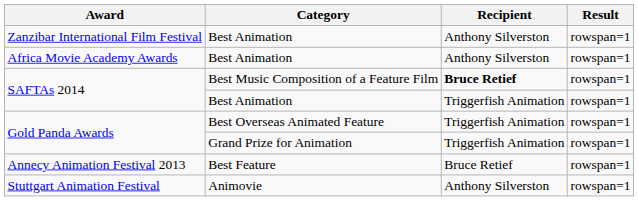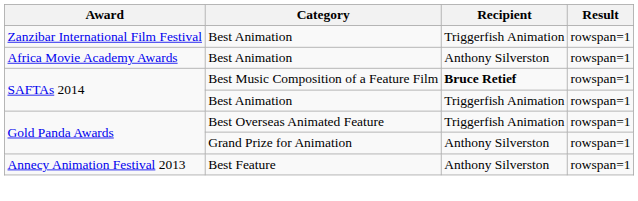 <table class="wikitable">
 <tr>
 <th>Award</th>
 <th>Category</th>
 <th>Recipient</th>
 <th>Result</th>
 </tr>
 <tr>
 <td rowspan=1><a href='#'>Zanzibar International Film Festival</a></td>
 <td>Best Animation</td>
-<td>Anthony Silverston</td>
+<td>Triggerfish Animation</td>
 <td>rowspan=1 </td>
 </tr>
 <tr>
 <td rowspan=1><a href='#'>Africa Movie Academy Awards</a></td>
 <td>Best Animation</td>
 <td>Anthony Silverston</td>
 <td>rowspan=1 </td>
 </tr>
 <tr>
 <td rowspan="2"><a href='#'>SAFTAs</a> 2014</td>
 <td>Best Music Composition of a Feature Film</td>
 <td><strong>Bruce Retief</strong></td>
 <td>rowspan=1 </td>
 </tr>
 <tr>
 <td>Best Animation</td>
 <td>Triggerfish Animation</td>
 <td>rowspan=1 </td>
 </tr>
 <tr>
 <td rowspan="2"><a href='#'>Gold Panda Awards</a></td>
 <td>Best Overseas Animated Feature</td>
 <td>Triggerfish Animation</td>
 <td>rowspan=1 </td>
 </tr>
 <tr>
 <td>Grand Prize for Animation</td>
-<td>Triggerfish Animation</td>
+<td>Anthony Silverston</td>
 <td>rowspan=1 </td>
 </tr>
 <tr>
 <td rowspan="1"><a href='#'>Annecy Animation Festival</a> 2013</td>
 <td>Best Feature</td>
-<td>Bruce Retief</td>
-<td>rowspan=1 </td>
-</tr>
-<tr>
-<td rowspan="1"><a href='#'>Stuttgart Animation Festival</a></td>
-<td>Animovie</td>
 <td>Anthony Silverston</td>
 <td>rowspan=1 </td>
 </tr>
 </table>
